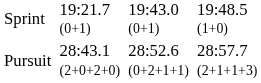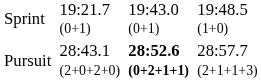 <table>
 <tr>
 <td>Sprint<br></td>
 <td></td>
 <td>19:21.7<br><small>(0+1)</small></td>
 <td></td>
 <td>19:43.0<br><small>(0+1)</small></td>
 <td></td>
 <td>19:48.5<br><small>(1+0)</small></td>
 </tr>
 <tr>
 <td>Pursuit<br></td>
 <td></td>
 <td>28:43.1<br><small>(2+0+2+0)</small></td>
 <td></td>
-<td>28:52.6<br><small>(0+2+1+1)</small></td>
+<td><strong>28:52.6<br><small>(0+2+1+1)</small></strong></td>
 <td></td>
 <td>28:57.7<br><small>(2+1+1+3)</small></td>
 </tr>
 </table>
